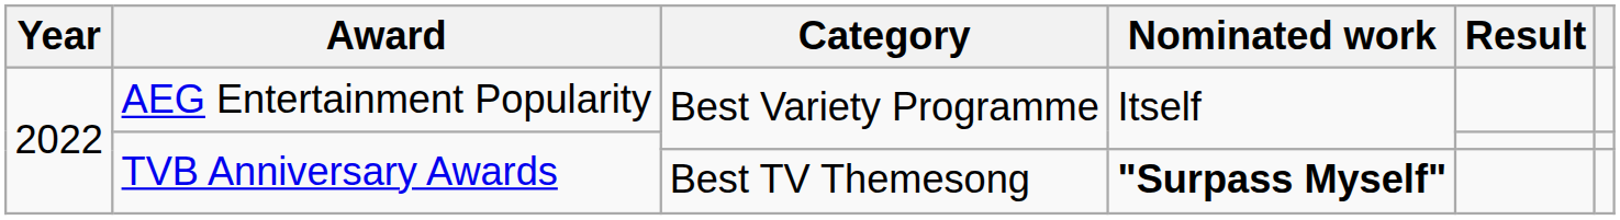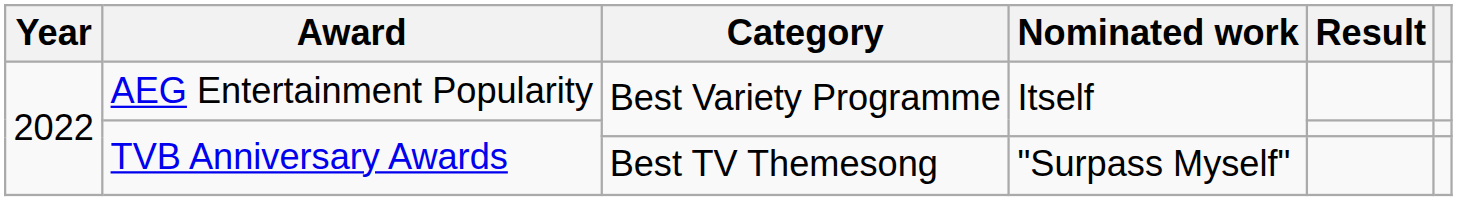 <table class="wikitable sortable plainrowheaders">
 <tr>
 <th scope="col">Year</th>
 <th scope="col">Award</th>
 <th scope="col">Category</th>
 <th scope="col">Nominated work</th>
 <th scope="col">Result</th>
 <th scope="col" class="unsortable"></th>
 </tr>
 <tr>
 <td rowspan="3">2022</td>
 <td><a href='#'>AEG</a> Entertainment Popularity</td>
 <td rowspan="2">Best Variety Programme</td>
 <td rowspan="2">Itself</td>
 <td></td>
 <td></td>
 </tr>
 <tr>
 <td rowspan="2"><a href='#'>TVB Anniversary Awards</a></td>
 <td></td>
 <td></td>
 </tr>
 <tr>
 <td>Best TV Themesong</td>
-<td><strong>"Surpass Myself"</strong></td>
+<td>"Surpass Myself"</td>
 <td></td>
 <td></td>
 </tr>
 </table>
